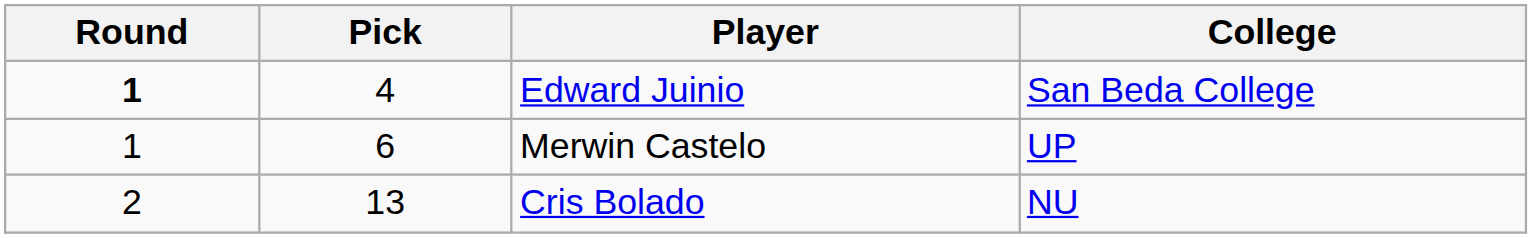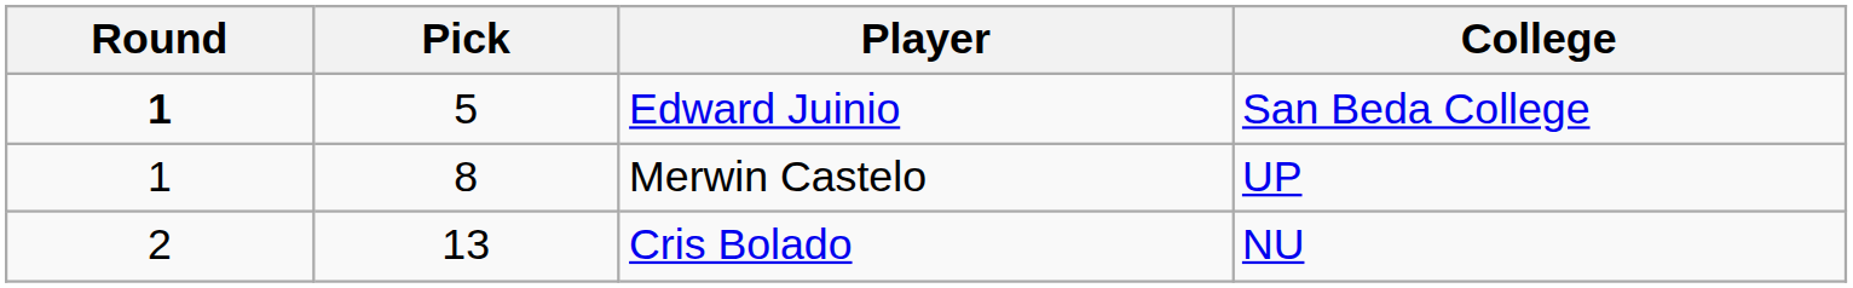 <table class="wikitable sortable sortable">
 <tr>
 <th width="10%">Round</th>
 <th width="10%">Pick</th>
 <th width="20%">Player</th>
 <th width="20%">College</th>
 </tr>
 <tr>
 <td align="center"><strong>1</strong></td>
-<td align="center">4</td>
+<td align="center">5</td>
 <td><a href='#'>Edward Juinio</a></td>
 <td><a href='#'>San Beda College</a></td>
 </tr>
 <tr>
 <td align="center">1</td>
-<td align="center">6</td>
+<td align="center">8</td>
 <td>Merwin Castelo</td>
 <td><a href='#'>UP</a></td>
 </tr>
 <tr>
 <td align="center">2</td>
 <td align="center">13</td>
 <td><a href='#'>Cris Bolado</a></td>
 <td><a href='#'>NU</a></td>
 </tr>
 </table>
